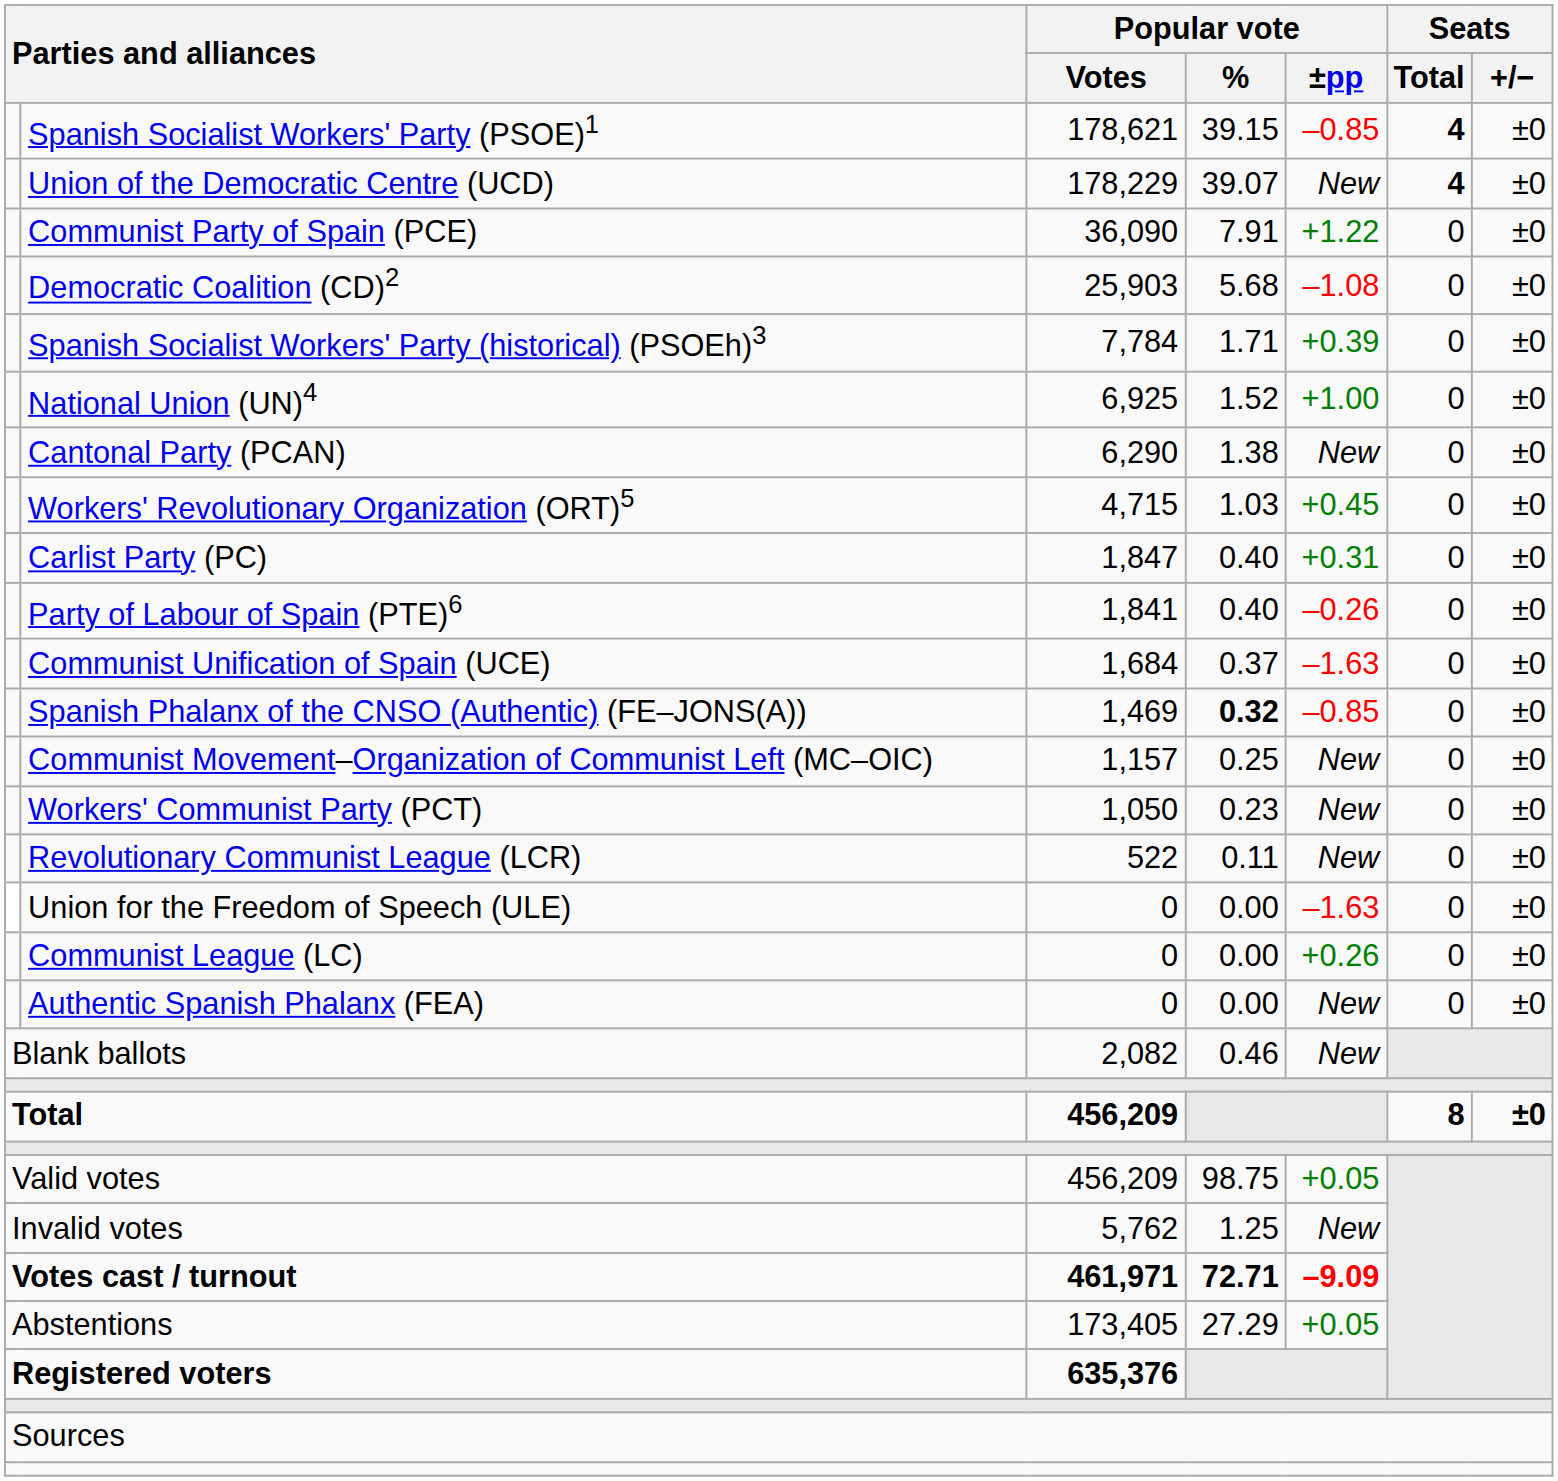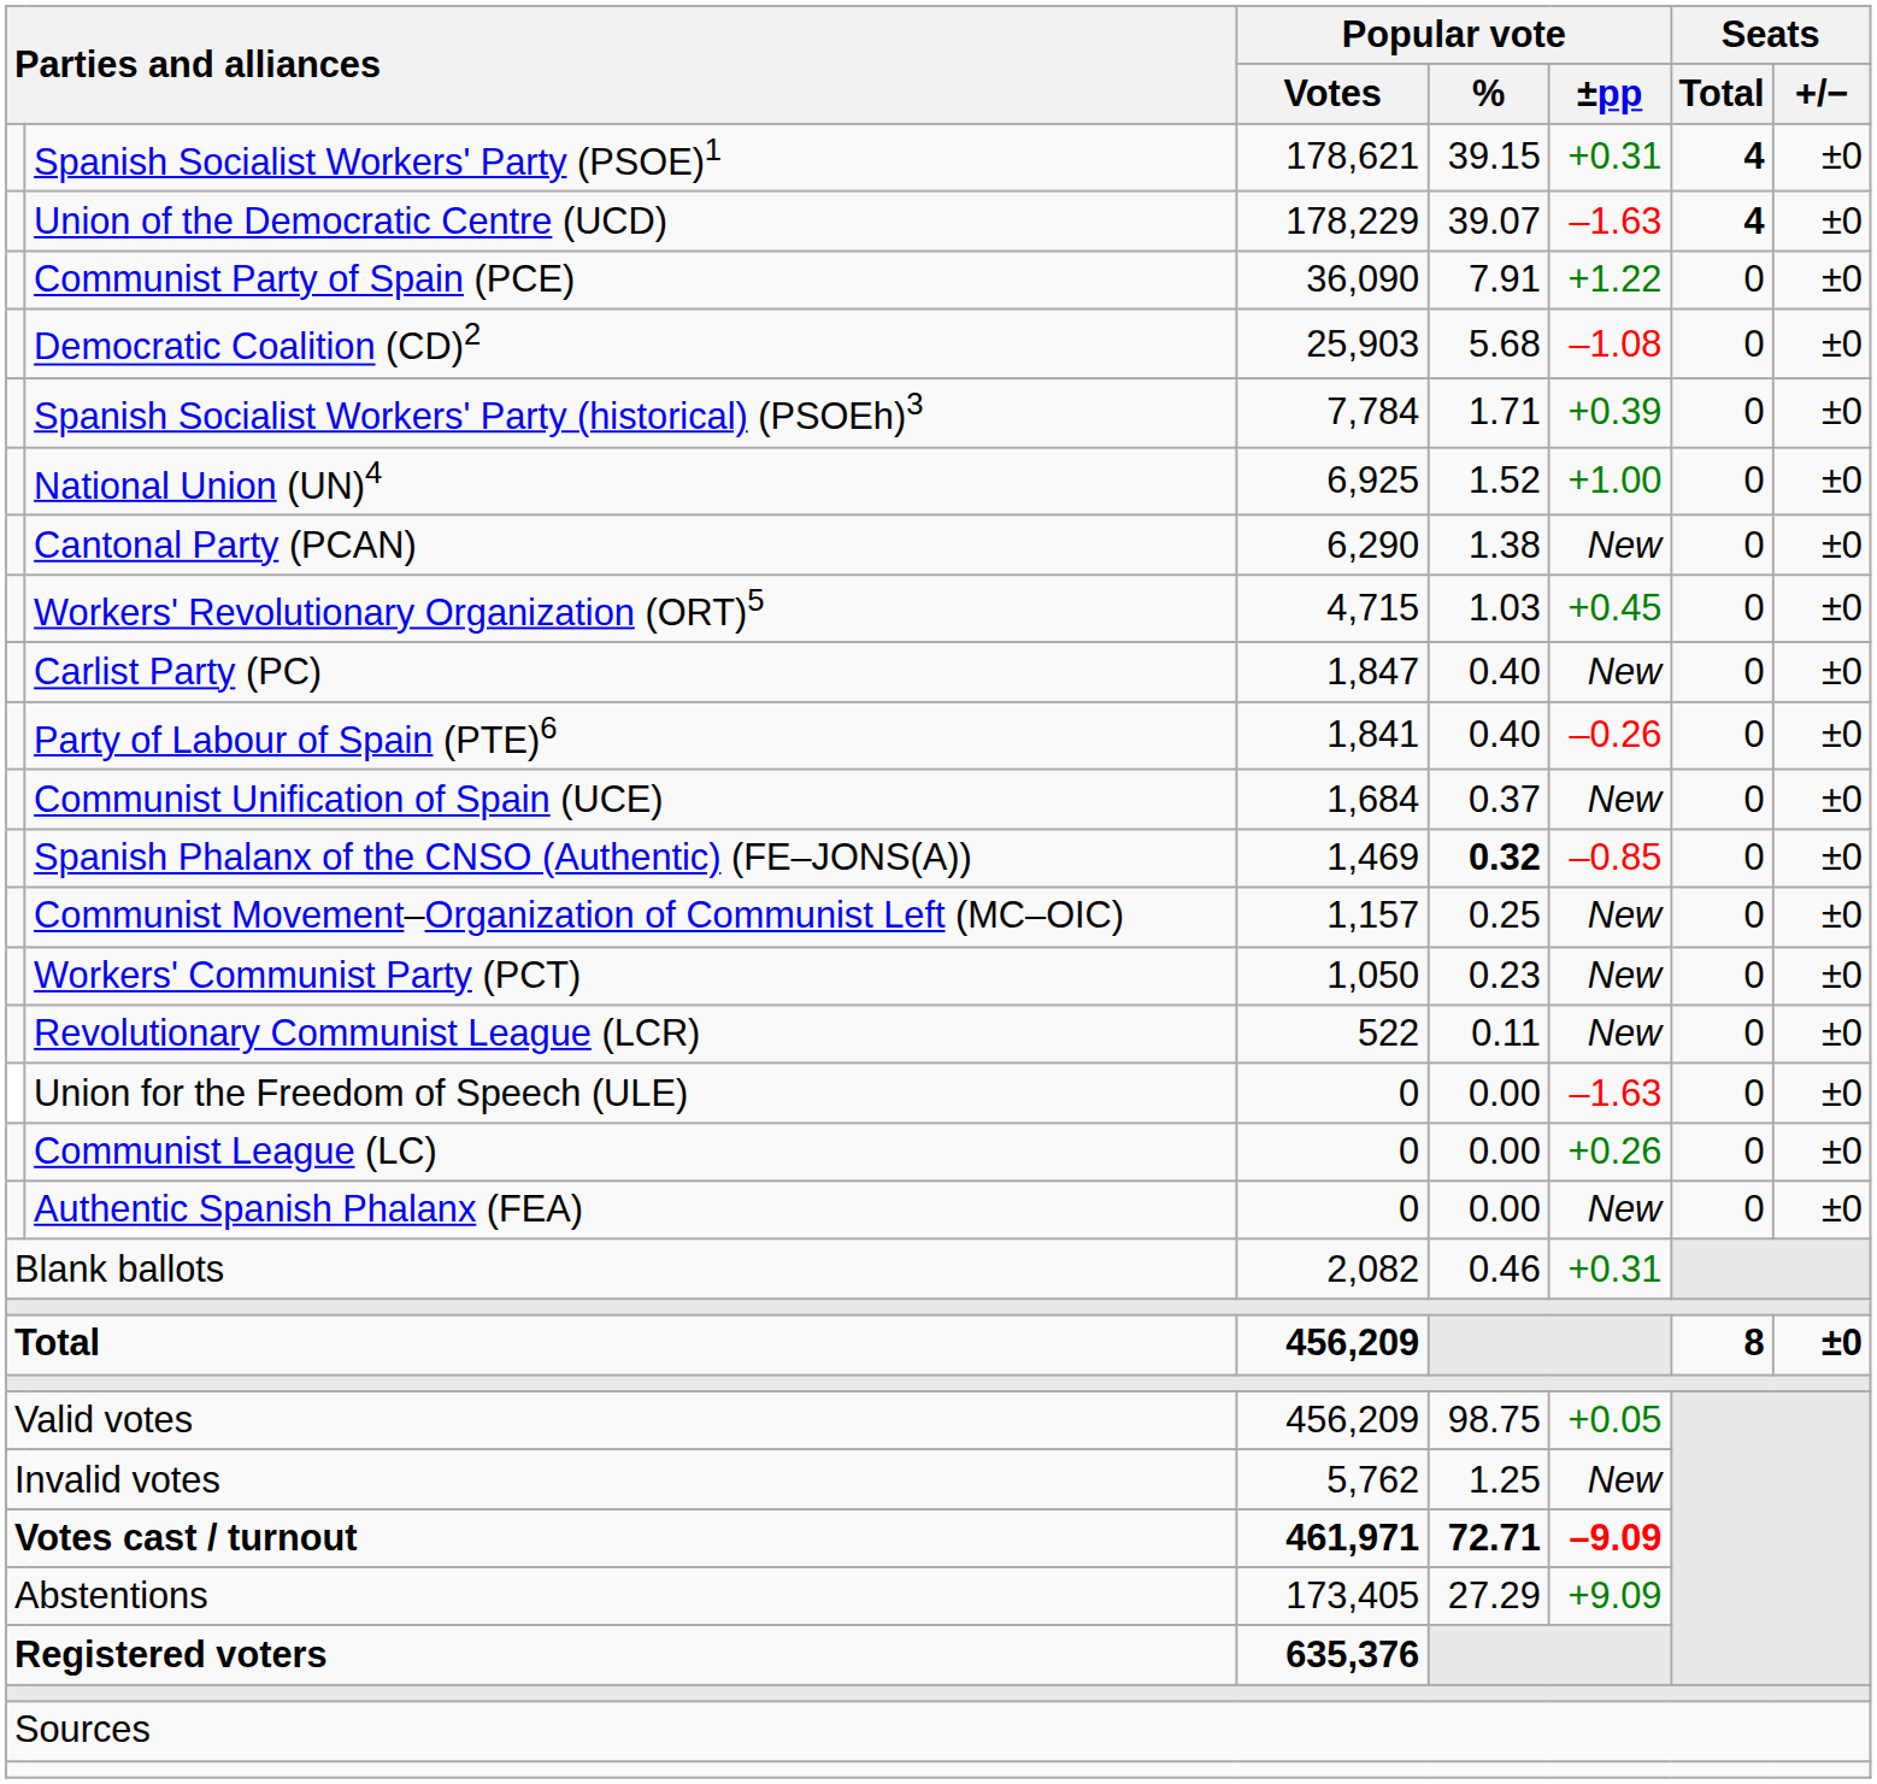 <table class="wikitable" style="text-align:right;">
 <tr>
 <th style="text-align:left;" rowspan="2" colspan="2" width="525">Parties and alliances</th>
 <th colspan="3">Popular vote</th>
 <th colspan="2">Seats</th>
 </tr>
 <tr>
 <th width="75">Votes</th>
 <th width="45">%</th>
 <th width="45">±<a href='#'>pp</a></th>
 <th width="35">Total</th>
 <th width="35">+/−</th>
 </tr>
 <tr>
 <td width="1" style="color:inherit;background:"></td>
 <td align="left"><a href='#'>Spanish Socialist Workers' Party</a> (PSOE)<sup>1</sup></td>
 <td>178,621</td>
 <td>39.15</td>
-<td style="color:red;">–0.85</td>
+<td style="color:green;">+0.31</td>
 <td><strong>4</strong></td>
 <td>±0</td>
 </tr>
 <tr>
 <td style="color:inherit;background:"></td>
 <td align="left"><a href='#'>Union of the Democratic Centre</a> (UCD)</td>
 <td>178,229</td>
 <td>39.07</td>
-<td><em>New</em></td>
+<td style="color:red;">–1.63</td>
 <td><strong>4</strong></td>
 <td>±0</td>
 </tr>
 <tr>
 <td style="color:inherit;background:"></td>
 <td align="left"><a href='#'>Communist Party of Spain</a> (PCE)</td>
 <td>36,090</td>
 <td>7.91</td>
 <td style="color:green;">+1.22</td>
 <td>0</td>
 <td>±0</td>
 </tr>
 <tr>
 <td width="1" style="color:inherit;background:"></td>
 <td align="left"><a href='#'>Democratic Coalition</a> (CD)<sup>2</sup></td>
 <td>25,903</td>
 <td>5.68</td>
 <td style="color:red;">–1.08</td>
 <td>0</td>
 <td>±0</td>
 </tr>
 <tr>
 <td style="color:inherit;background:"></td>
 <td align="left"><a href='#'>Spanish Socialist Workers' Party (historical)</a> (PSOEh)<sup>3</sup></td>
 <td>7,784</td>
 <td>1.71</td>
 <td style="color:green;">+0.39</td>
 <td>0</td>
 <td>±0</td>
 </tr>
 <tr>
 <td style="color:inherit;background:"></td>
 <td align="left"><a href='#'>National Union</a> (UN)<sup>4</sup></td>
 <td>6,925</td>
 <td>1.52</td>
 <td style="color:green;">+1.00</td>
 <td>0</td>
 <td>±0</td>
 </tr>
 <tr>
 <td style="color:inherit;background:"></td>
 <td align="left"><a href='#'>Cantonal Party</a> (PCAN)</td>
 <td>6,290</td>
 <td>1.38</td>
 <td><em>New</em></td>
 <td>0</td>
 <td>±0</td>
 </tr>
 <tr>
 <td style="color:inherit;background:"></td>
 <td align="left"><a href='#'>Workers' Revolutionary Organization</a> (ORT)<sup>5</sup></td>
 <td>4,715</td>
 <td>1.03</td>
 <td style="color:green;">+0.45</td>
 <td>0</td>
 <td>±0</td>
 </tr>
 <tr>
 <td style="color:inherit;background:"></td>
 <td align="left"><a href='#'>Carlist Party</a> (PC)</td>
 <td>1,847</td>
 <td>0.40</td>
-<td style="color:green;">+0.31</td>
+<td><em>New</em></td>
 <td>0</td>
 <td>±0</td>
 </tr>
 <tr>
 <td style="color:inherit;background:"></td>
 <td align="left"><a href='#'>Party of Labour of Spain</a> (PTE)<sup>6</sup></td>
 <td>1,841</td>
 <td>0.40</td>
 <td style="color:red;">–0.26</td>
 <td>0</td>
 <td>±0</td>
 </tr>
 <tr>
 <td style="color:inherit;background:"></td>
 <td align="left"><a href='#'>Communist Unification of Spain</a> (UCE)</td>
 <td>1,684</td>
 <td>0.37</td>
-<td style="color:red;">–1.63</td>
+<td><em>New</em></td>
 <td>0</td>
 <td>±0</td>
 </tr>
 <tr>
 <td style="color:inherit;background:"></td>
 <td align="left"><a href='#'>Spanish Phalanx of the CNSO (Authentic)</a> (FE–JONS(A))</td>
 <td>1,469</td>
 <td><strong>0.32</strong></td>
 <td style="color:red;">–0.85</td>
 <td>0</td>
 <td>±0</td>
 </tr>
 <tr>
 <td style="color:inherit;background:"></td>
 <td align="left"><a href='#'>Communist Movement</a>–<a href='#'>Organization of Communist Left</a> (MC–OIC)</td>
 <td>1,157</td>
 <td>0.25</td>
 <td><em>New</em></td>
 <td>0</td>
 <td>±0</td>
 </tr>
 <tr>
 <td style="color:inherit;background:"></td>
 <td align="left"><a href='#'>Workers' Communist Party</a> (PCT)</td>
 <td>1,050</td>
 <td>0.23</td>
 <td><em>New</em></td>
 <td>0</td>
 <td>±0</td>
 </tr>
 <tr>
 <td style="color:inherit;background:"></td>
 <td align="left"><a href='#'>Revolutionary Communist League</a> (LCR)</td>
 <td>522</td>
 <td>0.11</td>
 <td><em>New</em></td>
 <td>0</td>
 <td>±0</td>
 </tr>
 <tr>
 <td bgcolor="white"></td>
 <td align="left">Union for the Freedom of Speech (ULE)</td>
 <td>0</td>
 <td>0.00</td>
 <td style="color:red;">–1.63</td>
 <td>0</td>
 <td>±0</td>
 </tr>
 <tr>
 <td style="color:inherit;background:"></td>
 <td align="left"><a href='#'>Communist League</a> (LC)</td>
 <td>0</td>
 <td>0.00</td>
 <td style="color:green;">+0.26</td>
 <td>0</td>
 <td>±0</td>
 </tr>
 <tr>
 <td style="color:inherit;background:"></td>
 <td align="left"><a href='#'>Authentic Spanish Phalanx</a> (FEA)</td>
 <td>0</td>
 <td>0.00</td>
 <td><em>New</em></td>
 <td>0</td>
 <td>±0</td>
 </tr>
 <tr>
 <td align="left" colspan="2">Blank ballots</td>
 <td>2,082</td>
 <td>0.46</td>
-<td><em>New</em></td>
+<td style="color:green;">+0.31</td>
 <td bgcolor="#E9E9E9" colspan="2"></td>
 </tr>
 <tr>
 <td colspan="7" bgcolor="#E9E9E9"></td>
 </tr>
 <tr style="font-weight:bold;">
 <td align="left" colspan="2">Total</td>
 <td>456,209</td>
 <td bgcolor="#E9E9E9" colspan="2"></td>
 <td>8</td>
 <td>±0</td>
 </tr>
 <tr>
 <td colspan="7" bgcolor="#E9E9E9"></td>
 </tr>
 <tr>
 <td align="left" colspan="2">Valid votes</td>
 <td>456,209</td>
 <td>98.75</td>
 <td style="color:green;">+0.05</td>
 <td bgcolor="#E9E9E9" colspan="2" rowspan="5"></td>
 </tr>
 <tr>
 <td align="left" colspan="2">Invalid votes</td>
 <td>5,762</td>
 <td>1.25</td>
 <td><em>New</em></td>
 </tr>
 <tr style="font-weight:bold;">
 <td align="left" colspan="2">Votes cast / turnout</td>
 <td>461,971</td>
 <td>72.71</td>
 <td style="color:red;">–9.09</td>
 </tr>
 <tr>
 <td align="left" colspan="2">Abstentions</td>
 <td>173,405</td>
 <td>27.29</td>
-<td style="color:green;">+0.05</td>
+<td style="color:green;">+9.09</td>
 </tr>
 <tr style="font-weight:bold;">
 <td align="left" colspan="2">Registered voters</td>
 <td>635,376</td>
 <td bgcolor="#E9E9E9" colspan="2"></td>
 </tr>
 <tr>
 <td colspan="7" bgcolor="#E9E9E9"></td>
 </tr>
 <tr>
 <td align="left" colspan="7">Sources</td>
 </tr>
 <tr>
 <td colspan="7" style="text-align:left; max-width:790px;"></td>
 </tr>
 </table>
